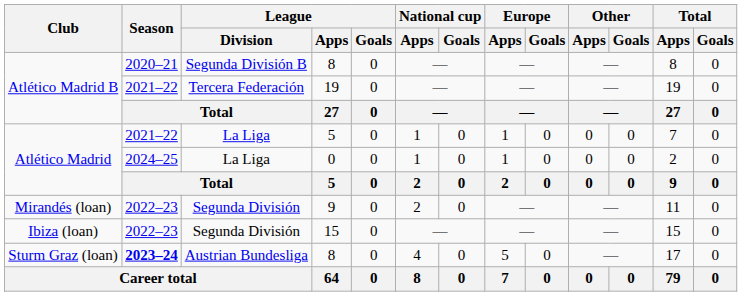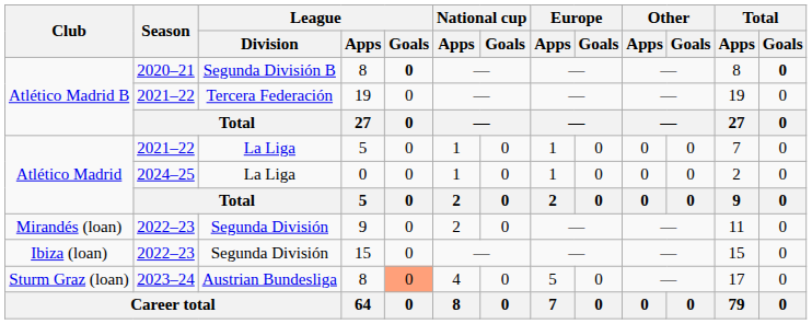 <table class="wikitable" style="text-align: center">
 <tr>
 <th rowspan="2">Club</th>
 <th rowspan="2">Season</th>
 <th colspan="3">League</th>
 <th colspan="2">National cup</th>
 <th colspan="2">Europe</th>
 <th colspan="2">Other</th>
 <th colspan="2">Total</th>
 </tr>
 <tr>
 <th>Division</th>
 <th>Apps</th>
 <th>Goals</th>
 <th>Apps</th>
 <th>Goals</th>
 <th>Apps</th>
 <th>Goals</th>
 <th>Apps</th>
 <th>Goals</th>
 <th>Apps</th>
 <th>Goals</th>
 </tr>
 <tr>
 <td rowspan="3"><a href='#'>Atlético Madrid B</a></td>
 <td><a href='#'>2020–21</a></td>
 <td><a href='#'>Segunda División B</a></td>
 <td>8</td>
-<td>0</td>
+<td><strong>0</strong></td>
 <td colspan="2">—</td>
 <td colspan="2">—</td>
 <td colspan="2">—</td>
 <td>8</td>
-<td>0</td>
+<td><strong>0</strong></td>
 </tr>
 <tr>
 <td><a href='#'>2021–22</a></td>
 <td><a href='#'>Tercera Federación</a></td>
 <td>19</td>
 <td>0</td>
 <td colspan="2">—</td>
 <td colspan="2">—</td>
 <td colspan="2">—</td>
 <td>19</td>
 <td>0</td>
 </tr>
 <tr>
 <th colspan="2">Total</th>
 <th>27</th>
 <th>0</th>
 <th colspan="2">—</th>
 <th colspan="2">—</th>
 <th colspan="2">—</th>
 <th>27</th>
 <th>0</th>
 </tr>
 <tr>
 <td rowspan="3"><a href='#'>Atlético Madrid</a></td>
 <td><a href='#'>2021–22</a></td>
 <td><a href='#'>La Liga</a></td>
 <td>5</td>
 <td>0</td>
 <td>1</td>
 <td>0</td>
 <td>1</td>
 <td>0</td>
 <td>0</td>
 <td>0</td>
 <td>7</td>
 <td>0</td>
 </tr>
 <tr>
 <td><a href='#'>2024–25</a></td>
 <td>La Liga</td>
 <td>0</td>
 <td>0</td>
 <td>1</td>
 <td>0</td>
 <td>1</td>
 <td>0</td>
 <td>0</td>
 <td>0</td>
 <td>2</td>
 <td>0</td>
 </tr>
 <tr>
 <th colspan="2">Total</th>
 <th>5</th>
 <th>0</th>
 <th>2</th>
 <th>0</th>
 <th>2</th>
 <th>0</th>
 <th>0</th>
 <th>0</th>
 <th>9</th>
 <th>0</th>
 </tr>
 <tr>
 <td><a href='#'>Mirandés</a> (loan)</td>
 <td><a href='#'>2022–23</a></td>
 <td><a href='#'>Segunda División</a></td>
 <td>9</td>
 <td>0</td>
 <td>2</td>
 <td>0</td>
 <td colspan="2">—</td>
 <td colspan="2">—</td>
 <td>11</td>
 <td>0</td>
 </tr>
 <tr>
 <td><a href='#'>Ibiza</a> (loan)</td>
 <td><a href='#'>2022–23</a></td>
 <td>Segunda División</td>
 <td>15</td>
 <td>0</td>
 <td colspan="2">—</td>
 <td colspan="2">—</td>
 <td colspan="2">—</td>
 <td>15</td>
 <td>0</td>
 </tr>
 <tr>
 <td><a href='#'>Sturm Graz</a> (loan)</td>
-<td><strong><a href='#'>2023–24</a></strong></td>
+<td><a href='#'>2023–24</a></td>
 <td><a href='#'>Austrian Bundesliga</a></td>
 <td>8</td>
-<td>0</td>
+<td style="background: lightsalmon;">0</td>
 <td>4</td>
 <td>0</td>
 <td>5</td>
 <td>0</td>
 <td colspan="2">—</td>
 <td>17</td>
 <td>0</td>
 </tr>
 <tr>
 <th colspan="3">Career total</th>
 <th>64</th>
 <th>0</th>
 <th>8</th>
 <th>0</th>
 <th>7</th>
 <th>0</th>
 <th>0</th>
 <th>0</th>
 <th>79</th>
 <th>0</th>
 </tr>
 </table>
